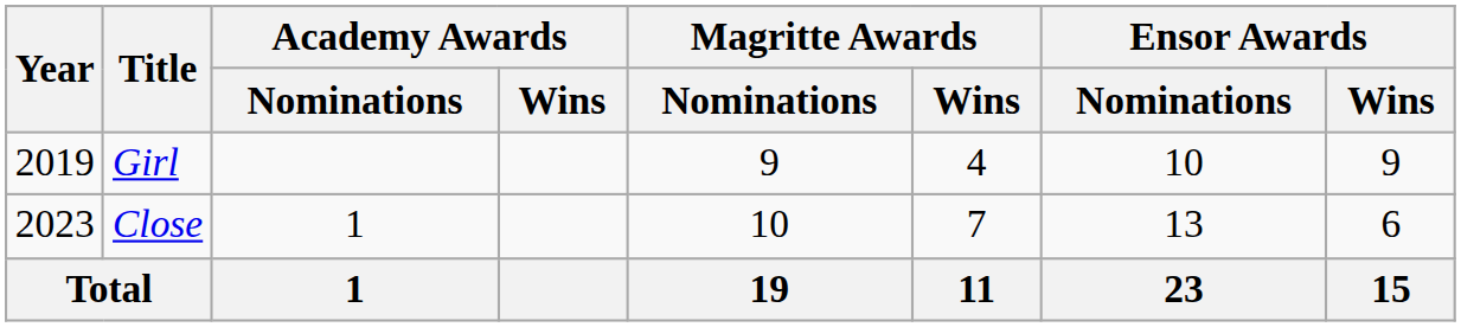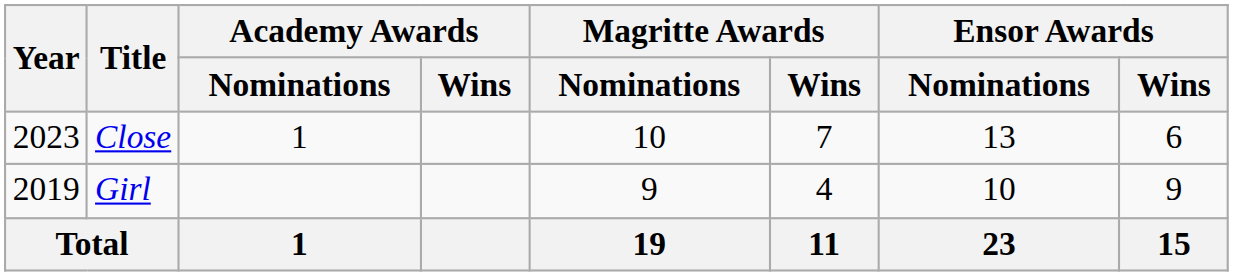 <table class="wikitable">
 <tr>
 <th rowspan="2">Year</th>
 <th rowspan="2">Title</th>
 <th colspan="2" style="text-align:center;" width=160>Academy Awards</th>
 <th colspan="2" style="text-align:center;" width=160>Magritte Awards</th>
 <th colspan="2" style="text-align:center;" width=160>Ensor Awards</th>
 </tr>
 <tr>
 <th>Nominations</th>
 <th>Wins</th>
 <th>Nominations</th>
 <th>Wins</th>
 <th>Nominations</th>
 <th>Wins</th>
 </tr>
 <tr>
+<td>2023</td>
+<td><em><a href='#'>Close</a></em></td>
+<td align=center>1</td>
+<td></td>
+<td align=center>10</td>
+<td align=center>7</td>
+<td align=center>13</td>
+<td align=center>6</td>
+</tr>
+<tr>
 <td>2019</td>
 <td><em><a href='#'>Girl</a></em></td>
 <td></td>
 <td></td>
 <td align=center>9</td>
 <td align=center>4</td>
 <td align=center>10</td>
 <td align=center>9</td>
-</tr>
-<tr>
-<td>2023</td>
-<td><em><a href='#'>Close</a></em></td>
-<td align=center>1</td>
-<td></td>
-<td align=center>10</td>
-<td align=center>7</td>
-<td align=center>13</td>
-<td align=center>6</td>
 </tr>
 <tr>
 <th colspan="2"><strong>Total</strong></th>
 <th align=center>1</th>
 <th align=center></th>
 <th align=center>19</th>
 <th align=center>11</th>
 <th align=center>23</th>
 <th align=center>15</th>
 </tr>
 </table>
